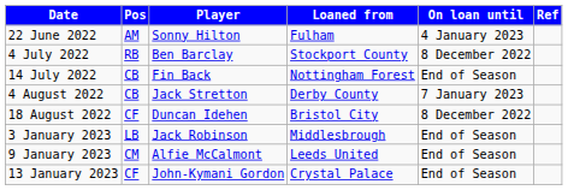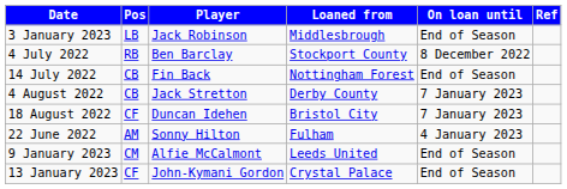 <table class="wikitable plainrowheaders sortable">
 <tr>
 <th style="background:#0000FF; color:#ffffff; ">Date</th>
 <th style="background:#0000FF; color:#ffffff; ">Pos</th>
 <th style="background:#0000FF; color:#ffffff; ">Player</th>
 <th style="background:#0000FF; color:#ffffff; ">Loaned from</th>
 <th style="background:#0000FF; color:#ffffff; ">On loan until</th>
 <th style="background:#0000FF; color:#ffffff; ">Ref</th>
 </tr>
 <tr>
-<td>22 June 2022</td>
-<td><a href='#'>AM</a></td>
-<td> <a href='#'>Sonny Hilton</a></td>
-<td> <a href='#'>Fulham</a></td>
-<td>4 January 2023</td>
+<td>3 January 2023</td>
+<td><a href='#'>LB</a></td>
+<td> <a href='#'>Jack Robinson</a></td>
+<td> <a href='#'>Middlesbrough</a></td>
+<td>End of Season</td>
 <td></td>
 </tr>
 <tr>
 <td>4 July 2022</td>
 <td><a href='#'>RB</a></td>
 <td> <a href='#'>Ben Barclay</a></td>
 <td> <a href='#'>Stockport County</a></td>
 <td>8 December 2022</td>
 <td></td>
 </tr>
 <tr>
 <td>14 July 2022</td>
 <td><a href='#'>CB</a></td>
 <td> <a href='#'>Fin Back</a></td>
 <td> <a href='#'>Nottingham Forest</a></td>
 <td>End of Season</td>
 <td></td>
 </tr>
 <tr>
 <td>4 August 2022</td>
 <td><a href='#'>CB</a></td>
 <td> <a href='#'>Jack Stretton</a></td>
 <td> <a href='#'>Derby County</a></td>
 <td>7 January 2023</td>
 <td></td>
 </tr>
 <tr>
 <td>18 August 2022</td>
 <td><a href='#'>CF</a></td>
 <td> <a href='#'>Duncan Idehen</a></td>
 <td> <a href='#'>Bristol City</a></td>
-<td>8 December 2022</td>
+<td>7 January 2023</td>
 <td></td>
 </tr>
 <tr>
-<td>3 January 2023</td>
-<td><a href='#'>LB</a></td>
-<td> <a href='#'>Jack Robinson</a></td>
-<td> <a href='#'>Middlesbrough</a></td>
-<td>End of Season</td>
+<td>22 June 2022</td>
+<td><a href='#'>AM</a></td>
+<td> <a href='#'>Sonny Hilton</a></td>
+<td> <a href='#'>Fulham</a></td>
+<td>4 January 2023</td>
 <td></td>
 </tr>
 <tr>
 <td>9 January 2023</td>
 <td><a href='#'>CM</a></td>
 <td> <a href='#'>Alfie McCalmont</a></td>
 <td> <a href='#'>Leeds United</a></td>
 <td>End of Season</td>
 <td></td>
 </tr>
 <tr>
 <td>13 January 2023</td>
 <td><a href='#'>CF</a></td>
 <td> <a href='#'>John-Kymani Gordon</a></td>
 <td> <a href='#'>Crystal Palace</a></td>
 <td>End of Season</td>
 <td></td>
 </tr>
 </table>
